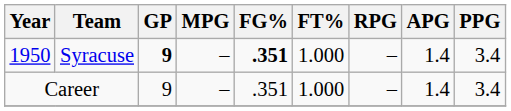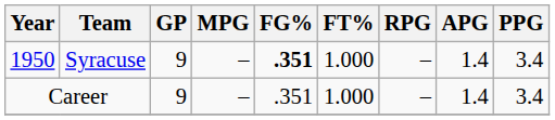 <table class="wikitable sortable" style="font-size:95%; text-align:right;">
 <tr>
 <th>Year</th>
 <th>Team</th>
 <th>GP</th>
 <th>MPG</th>
 <th>FG%</th>
 <th>FT%</th>
 <th>RPG</th>
 <th>APG</th>
 <th>PPG</th>
 </tr>
 <tr>
 <td style="text-align:left;"><a href='#'>1950</a></td>
 <td style="text-align:left;"><a href='#'>Syracuse</a></td>
-<td><strong>9</strong></td>
+<td>9</td>
 <td>–</td>
 <td><strong>.351</strong></td>
 <td>1.000</td>
 <td>–</td>
 <td>1.4</td>
 <td>3.4</td>
 </tr>
 <tr>
 <td style="text-align:center;" colspan="2">Career</td>
 <td>9</td>
 <td>–</td>
 <td>.351</td>
 <td>1.000</td>
 <td>–</td>
 <td>1.4</td>
 <td>3.4</td>
 </tr>
 <tr>
 </tr>
 </table>
